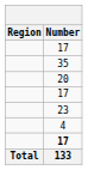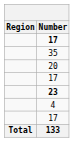 <table class="wikitable sortable plainrowheaders floatright">
 <tr>
 <th colspan="2" style="padding:1em"></th>
 </tr>
 <tr>
 <th scope="col">Region</th>
 <th scope="col">Number</th>
 </tr>
 <tr>
 <td scope="row"></td>
-<td style="text-align:center">17</td>
+<td style="text-align:center"><strong>17</strong></td>
 </tr>
 <tr>
 <td scope="row" data-sort-value="Europe, Rest of"></td>
 <td style="text-align:center">35</td>
 </tr>
 <tr>
 <td scope="row" data-sort-value="America, North"></td>
 <td style="text-align:center">20</td>
 </tr>
 <tr>
 <td scope="row" data-sort-value="America, South"></td>
 <td style="text-align:center">17</td>
 </tr>
 <tr>
 <td scope="row"></td>
-<td style="text-align:center">23</td>
+<td style="text-align:center"><strong>23</strong></td>
 </tr>
 <tr>
 <td scope="row"></td>
 <td style="text-align:center">4</td>
 </tr>
 <tr>
 <td scope="row"></td>
-<td style="text-align:center"><strong>17</strong></td>
+<td style="text-align:center">17</td>
 </tr>
 <tr>
 <th style="text-align:center">Total</th>
 <th>133</th>
 </tr>
 </table>
